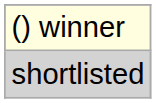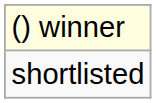 <table class="wikitable">
 <tr>
 <td style="background:lightyellow">() winner</td>
 </tr>
 <tr>
-<td style="background: lightgrey;">shortlisted</td>
+<td>shortlisted</td>
 </tr>
 </table>
